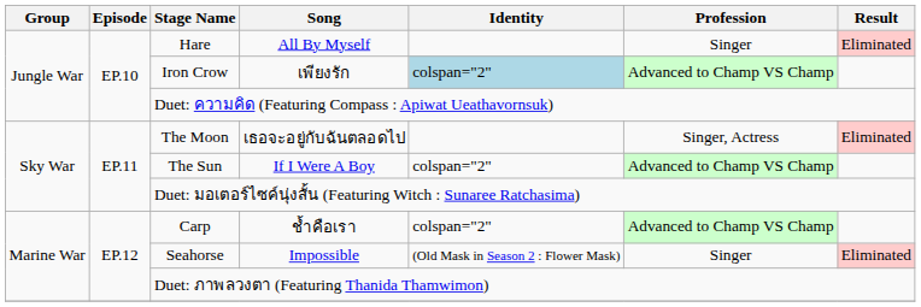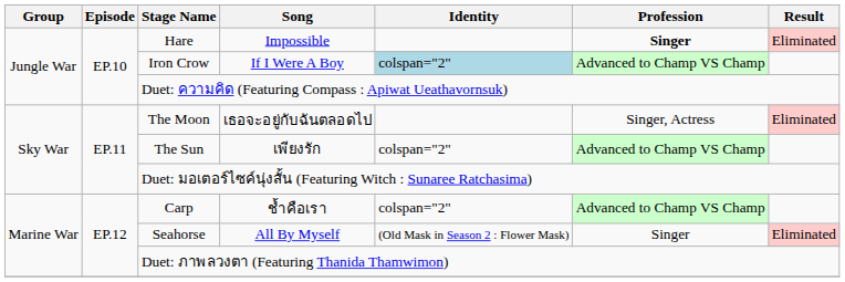 <table class="wikitable">
 <tr>
 <th>Group</th>
 <th>Episode</th>
 <th>Stage Name</th>
 <th>Song</th>
 <th>Identity</th>
 <th>Profession</th>
 <th>Result</th>
 </tr>
 <tr>
 <td align="center" rowspan="3">Jungle War</td>
 <td rowspan="3" align="center">EP.10</td>
 <td style="text-align:center;">Hare</td>
-<td style="text-align:center;"><a href='#'>All By Myself</a></td>
+<td style="text-align:center;"><a href='#'>Impossible</a></td>
 <td style="text-align:center;"></td>
-<td style="text-align:center;">Singer</td>
+<td style="text-align:center;"><strong>Singer</strong></td>
 <td style="text-align:center; background:#ffcccc;">Eliminated</td>
 </tr>
 <tr>
 <td style="text-align:center;">Iron Crow</td>
-<td style="text-align:center;">เพียงรัก</td>
+<td style="text-align:center;"><a href='#'>If I Were A Boy</a></td>
 <td style="background: lightblue;">colspan="2"  </td>
 <td style="text-align:center; background:#ccffcc;">Advanced to Champ VS Champ</td>
 </tr>
 <tr>
 <td colspan="5">Duet: <a href='#'>ความคิด</a> (Featuring Compass : <a href='#'>Apiwat Ueathavornsuk</a>)</td>
 </tr>
 <tr>
 <td align="center" rowspan="3">Sky War</td>
 <td rowspan="3" align="center">EP.11</td>
 <td style="text-align:center;">The Moon</td>
 <td style="text-align:center;">เธอจะอยู่กับฉันตลอดไป</td>
 <td style="text-align:center;"></td>
 <td style="text-align:center;">Singer, Actress</td>
 <td style="text-align:center; background:#ffcccc;">Eliminated</td>
 </tr>
 <tr>
 <td style="text-align:center;">The Sun</td>
-<td style="text-align:center;"><a href='#'>If I Were A Boy</a></td>
+<td style="text-align:center;">เพียงรัก</td>
 <td>colspan="2"  </td>
 <td style="text-align:center; background:#ccffcc;">Advanced to Champ VS Champ</td>
 </tr>
 <tr>
 <td colspan="5">Duet: มอเตอร์ไซค์นุ่งสั้น (Featuring Witch : <a href='#'>Sunaree Ratchasima</a>)</td>
 </tr>
 <tr>
 <td align="center" rowspan="3">Marine War</td>
 <td rowspan="3" align="center">EP.12</td>
 <td style="text-align:center;">Carp</td>
 <td style="text-align:center;">ช้ำคือเรา</td>
 <td>colspan="2"  </td>
 <td style="text-align:center; background:#ccffcc;">Advanced to Champ VS Champ</td>
 </tr>
 <tr>
 <td style="text-align:center;">Seahorse</td>
-<td style="text-align:center;"><a href='#'>Impossible</a></td>
+<td style="text-align:center;"><a href='#'>All By Myself</a></td>
 <td style="text-align:center;"> <small>(Old Mask in <a href='#'>Season 2</a> : Flower Mask)</small></td>
 <td style="text-align:center;">Singer</td>
 <td style="text-align:center; background:#ffcccc;">Eliminated</td>
 </tr>
 <tr>
 <td colspan="5">Duet: ภาพลวงตา (Featuring <a href='#'>Thanida Thamwimon</a>)</td>
 </tr>
 <tr>
 </tr>
 </table>
